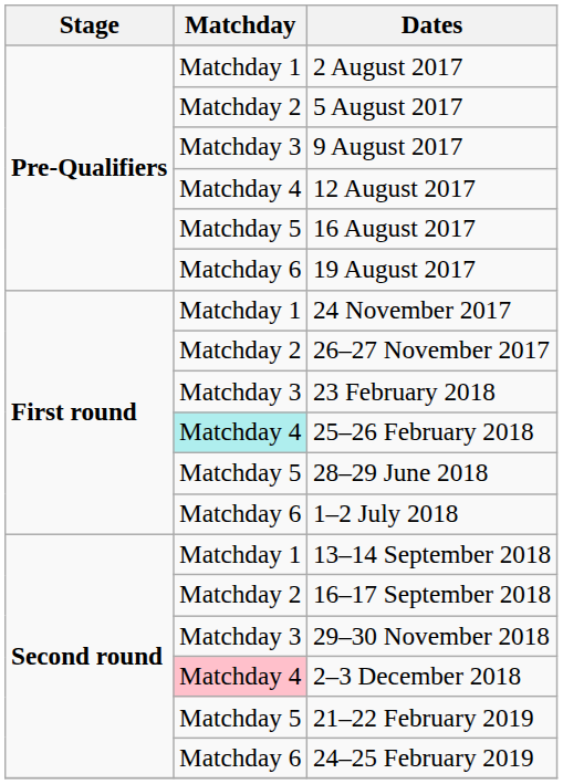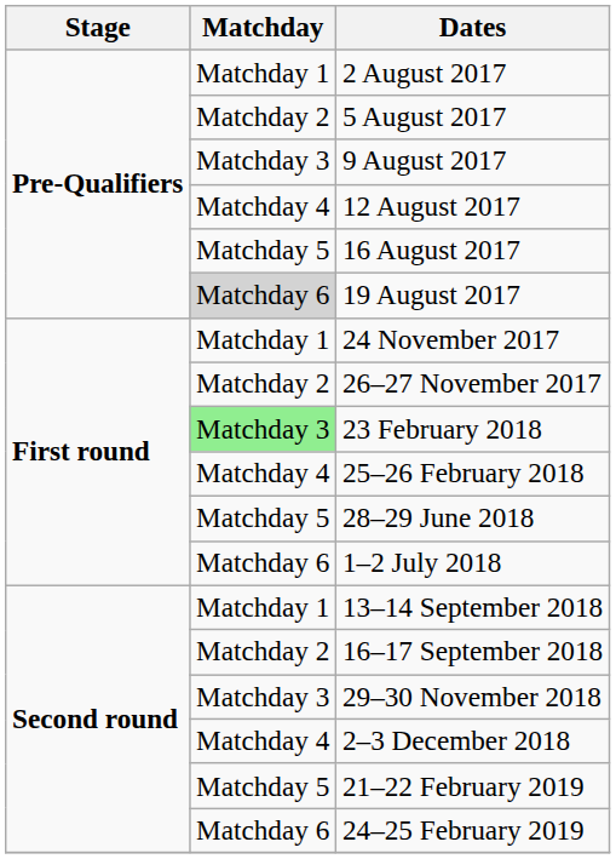 <table class="wikitable">
 <tr>
 <th>Stage</th>
 <th>Matchday</th>
 <th>Dates</th>
 </tr>
 <tr>
 <td rowspan="6"><strong>Pre-Qualifiers</strong></td>
 <td>Matchday 1</td>
 <td>2 August 2017</td>
 </tr>
 <tr>
 <td>Matchday 2</td>
 <td>5 August 2017</td>
 </tr>
 <tr>
 <td>Matchday 3</td>
 <td>9 August 2017</td>
 </tr>
 <tr>
 <td>Matchday 4</td>
 <td>12 August 2017</td>
 </tr>
 <tr>
 <td>Matchday 5</td>
 <td>16 August 2017</td>
 </tr>
 <tr>
-<td>Matchday 6</td>
+<td style="background: lightgrey;">Matchday 6</td>
 <td>19 August 2017</td>
 </tr>
 <tr>
 <td rowspan="6"><strong>First round</strong></td>
 <td>Matchday 1</td>
 <td>24 November 2017</td>
 </tr>
 <tr>
 <td>Matchday 2</td>
 <td>26–27 November 2017</td>
 </tr>
 <tr>
-<td>Matchday 3</td>
+<td style="background: lightgreen;">Matchday 3</td>
 <td>23 February 2018</td>
 </tr>
 <tr>
-<td style="background: paleturquoise;">Matchday 4</td>
+<td>Matchday 4</td>
 <td>25–26 February 2018</td>
 </tr>
 <tr>
 <td>Matchday 5</td>
 <td>28–29 June 2018</td>
 </tr>
 <tr>
 <td>Matchday 6</td>
 <td>1–2 July 2018</td>
 </tr>
 <tr>
 <td rowspan="6"><strong>Second round</strong></td>
 <td>Matchday 1</td>
 <td>13–14 September 2018</td>
 </tr>
 <tr>
 <td>Matchday 2</td>
 <td>16–17 September 2018</td>
 </tr>
 <tr>
 <td>Matchday 3</td>
 <td>29–30 November 2018</td>
 </tr>
 <tr>
-<td style="background: pink;">Matchday 4</td>
+<td>Matchday 4</td>
 <td>2–3 December 2018</td>
 </tr>
 <tr>
 <td>Matchday 5</td>
 <td>21–22 February 2019</td>
 </tr>
 <tr>
 <td>Matchday 6</td>
 <td>24–25 February 2019</td>
 </tr>
 <tr>
 </tr>
 </table>
